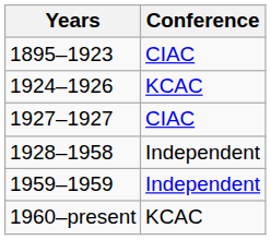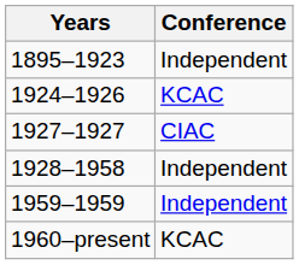 <table class="wikitable">
 <tr>
 <th>Years</th>
 <th>Conference</th>
 </tr>
 <tr>
 <td>1895–1923</td>
-<td><a href='#'>CIAC</a></td>
+<td>Independent</td>
 </tr>
 <tr>
 <td>1924–1926</td>
 <td><a href='#'>KCAC</a></td>
 </tr>
 <tr>
 <td>1927–1927</td>
 <td><a href='#'>CIAC</a></td>
 </tr>
 <tr>
 <td>1928–1958</td>
 <td>Independent</td>
 </tr>
 <tr>
 <td>1959–1959</td>
 <td><a href='#'>Independent</a></td>
 </tr>
 <tr>
 <td>1960–present</td>
 <td>KCAC</td>
 </tr>
 </table>
